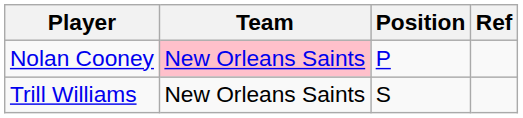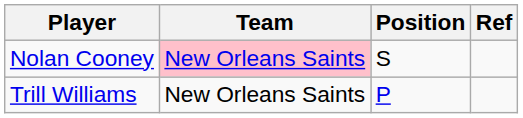 <table class="wikitable">
 <tr>
 <th>Player</th>
 <th>Team</th>
 <th>Position</th>
 <th>Ref</th>
 </tr>
 <tr>
 <td><a href='#'>Nolan Cooney</a></td>
 <td style="background: pink;"><a href='#'>New Orleans Saints</a></td>
-<td><a href='#'>P</a></td>
+<td>S</td>
 <td></td>
 </tr>
 <tr>
 <td><a href='#'>Trill Williams</a></td>
 <td>New Orleans Saints</td>
-<td>S</td>
+<td><a href='#'>P</a></td>
 <td></td>
 </tr>
 </table>
